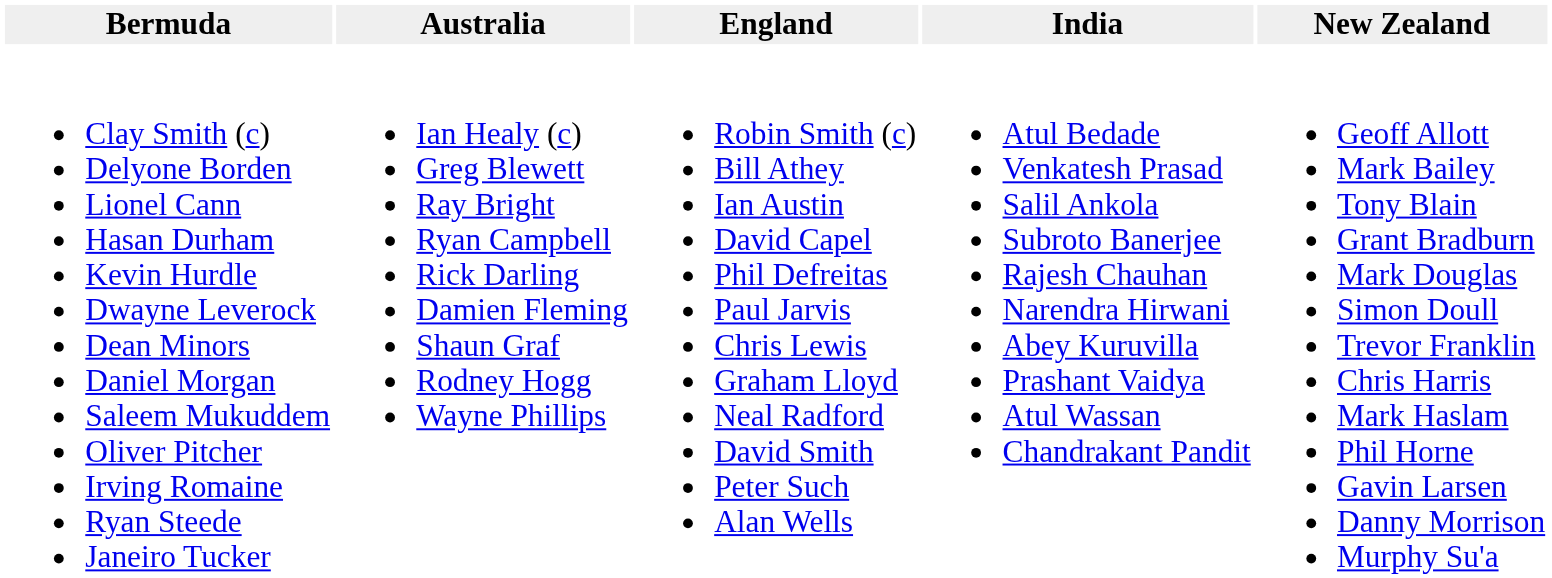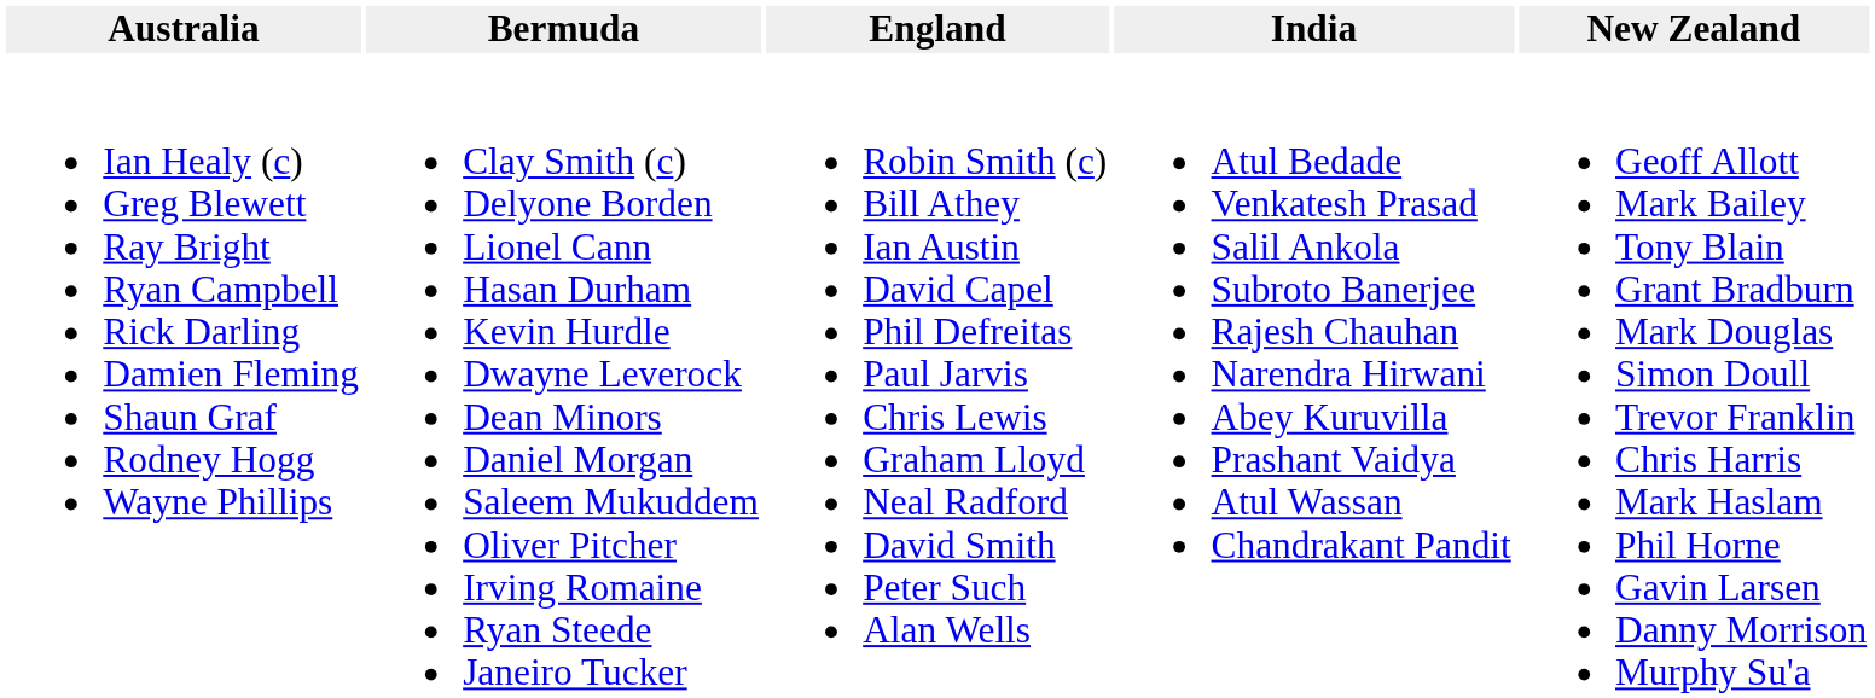 <table>
 <tr bgcolor="#efefef">
+<th>Australia </th>
 <th>Bermuda </th>
-<th>Australia </th>
 <th>England </th>
 <th>India </th>
 <th>New Zealand </th>
 </tr>
 <tr valign="top">
+<td><br><ul><li><a href='#'>Ian Healy</a> (<a href='#'>c</a>)</li><li><a href='#'>Greg Blewett</a></li><li><a href='#'>Ray Bright</a></li><li><a href='#'>Ryan Campbell</a></li><li><a href='#'>Rick Darling</a></li><li><a href='#'>Damien Fleming</a></li><li><a href='#'>Shaun Graf</a></li><li><a href='#'>Rodney Hogg</a></li><li><a href='#'>Wayne Phillips</a></li></ul></td>
 <td><br><ul><li><a href='#'>Clay Smith</a> (<a href='#'>c</a>)</li><li><a href='#'>Delyone Borden</a></li><li><a href='#'>Lionel Cann</a></li><li><a href='#'>Hasan Durham</a></li><li><a href='#'>Kevin Hurdle</a></li><li><a href='#'>Dwayne Leverock</a></li><li><a href='#'>Dean Minors</a></li><li><a href='#'>Daniel Morgan</a></li><li><a href='#'>Saleem Mukuddem</a></li><li><a href='#'>Oliver Pitcher</a></li><li><a href='#'>Irving Romaine</a></li><li><a href='#'>Ryan Steede</a></li><li><a href='#'>Janeiro Tucker</a></li></ul></td>
-<td><br><ul><li><a href='#'>Ian Healy</a> (<a href='#'>c</a>)</li><li><a href='#'>Greg Blewett</a></li><li><a href='#'>Ray Bright</a></li><li><a href='#'>Ryan Campbell</a></li><li><a href='#'>Rick Darling</a></li><li><a href='#'>Damien Fleming</a></li><li><a href='#'>Shaun Graf</a></li><li><a href='#'>Rodney Hogg</a></li><li><a href='#'>Wayne Phillips</a></li></ul></td>
 <td><br><ul><li><a href='#'>Robin Smith</a> (<a href='#'>c</a>)</li><li><a href='#'>Bill Athey</a></li><li><a href='#'>Ian Austin</a></li><li><a href='#'>David Capel</a></li><li><a href='#'>Phil Defreitas</a></li><li><a href='#'>Paul Jarvis</a></li><li><a href='#'>Chris Lewis</a></li><li><a href='#'>Graham Lloyd</a></li><li><a href='#'>Neal Radford</a></li><li><a href='#'>David Smith</a></li><li><a href='#'>Peter Such</a></li><li><a href='#'>Alan Wells</a></li></ul></td>
 <td><br><ul><li><a href='#'>Atul Bedade</a></li><li><a href='#'>Venkatesh Prasad</a></li><li><a href='#'>Salil Ankola</a></li><li><a href='#'>Subroto Banerjee</a></li><li><a href='#'>Rajesh Chauhan</a></li><li><a href='#'>Narendra Hirwani</a></li><li><a href='#'>Abey Kuruvilla</a></li><li><a href='#'>Prashant Vaidya</a></li><li><a href='#'>Atul Wassan</a></li><li><a href='#'>Chandrakant Pandit</a></li></ul></td>
 <td><br><ul><li><a href='#'>Geoff Allott</a></li><li><a href='#'>Mark Bailey</a></li><li><a href='#'>Tony Blain</a></li><li><a href='#'>Grant Bradburn</a></li><li><a href='#'>Mark Douglas</a></li><li><a href='#'>Simon Doull</a></li><li><a href='#'>Trevor Franklin</a></li><li><a href='#'>Chris Harris</a></li><li><a href='#'>Mark Haslam</a></li><li><a href='#'>Phil Horne</a></li><li><a href='#'>Gavin Larsen</a></li><li><a href='#'>Danny Morrison</a></li><li><a href='#'>Murphy Su'a</a></li></ul></td>
 </tr>
 </table>
